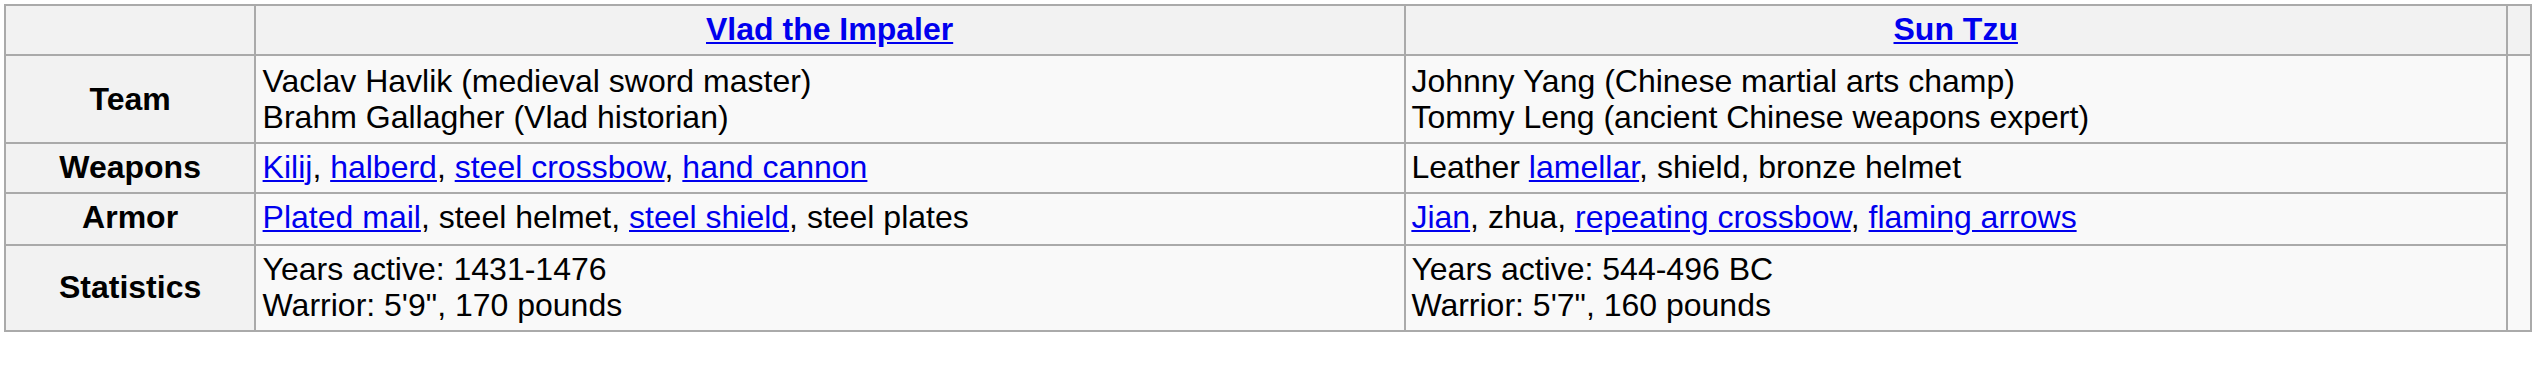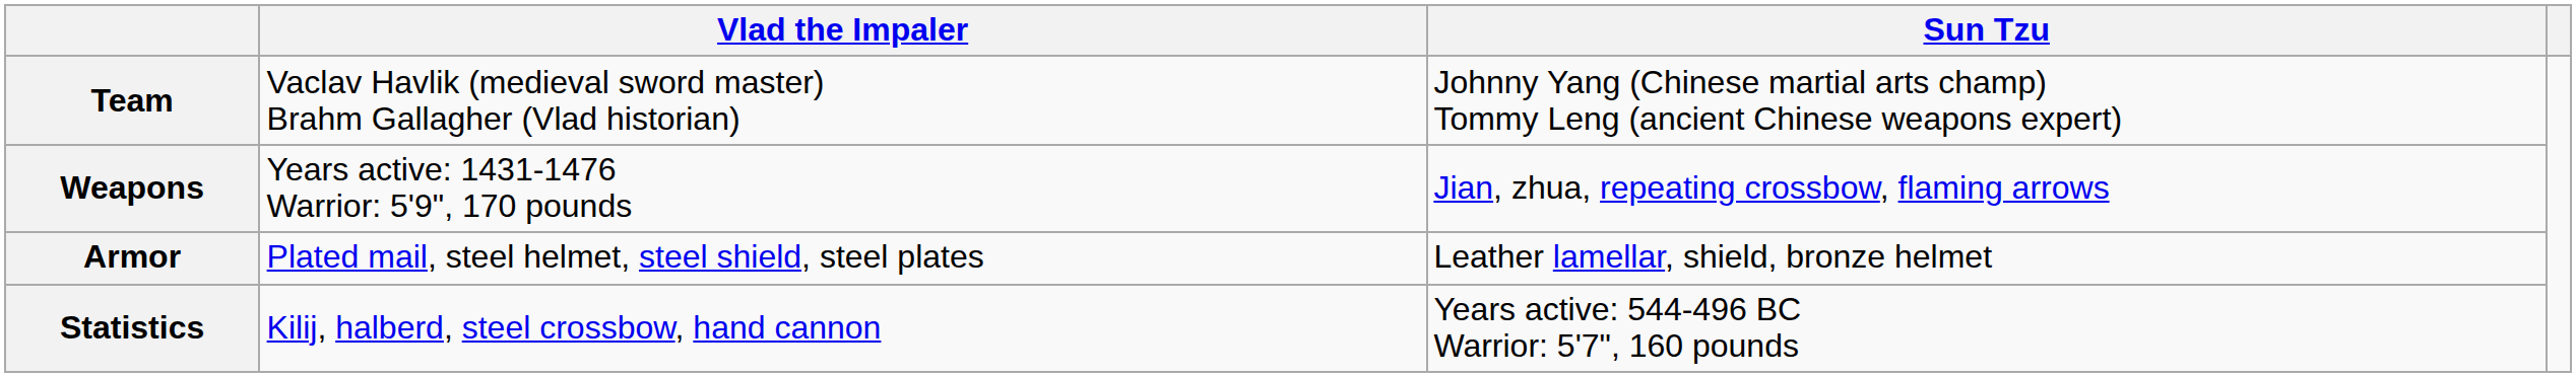 <table class="wikitable unsortable" ; style="width: 100%">
 <tr>
 <th></th>
 <th><strong><a href='#'>Vlad the Impaler</a></strong></th>
 <th><strong><a href='#'>Sun Tzu</a></strong></th>
 <th></th>
 </tr>
 <tr>
 <th>Team</th>
 <td>Vaclav Havlik (medieval sword master)<br>Brahm Gallagher (Vlad historian)</td>
 <td>Johnny Yang (Chinese martial arts champ)<br>Tommy Leng (ancient Chinese weapons expert)</td>
 </tr>
 <tr>
 <th>Weapons</th>
-<td><a href='#'>Kilij</a>, <a href='#'>halberd</a>, <a href='#'>steel crossbow</a>, <a href='#'>hand cannon</a></td>
-<td>Leather <a href='#'>lamellar</a>, shield, bronze helmet</td>
+<td>Years active: 1431-1476<br>Warrior: 5'9", 170 pounds</td>
+<td><a href='#'>Jian</a>, zhua, <a href='#'>repeating crossbow</a>, <a href='#'>flaming arrows</a></td>
 </tr>
 <tr>
 <th>Armor</th>
 <td><a href='#'>Plated mail</a>, steel helmet, <a href='#'>steel shield</a>, steel plates</td>
-<td><a href='#'>Jian</a>, zhua, <a href='#'>repeating crossbow</a>, <a href='#'>flaming arrows</a></td>
+<td>Leather <a href='#'>lamellar</a>, shield, bronze helmet</td>
 </tr>
 <tr>
 <th>Statistics</th>
-<td>Years active: 1431-1476<br>Warrior: 5'9", 170 pounds</td>
+<td><a href='#'>Kilij</a>, <a href='#'>halberd</a>, <a href='#'>steel crossbow</a>, <a href='#'>hand cannon</a></td>
 <td>Years active: 544-496 BC<br>Warrior: 5'7", 160 pounds</td>
 </tr>
 </table>
